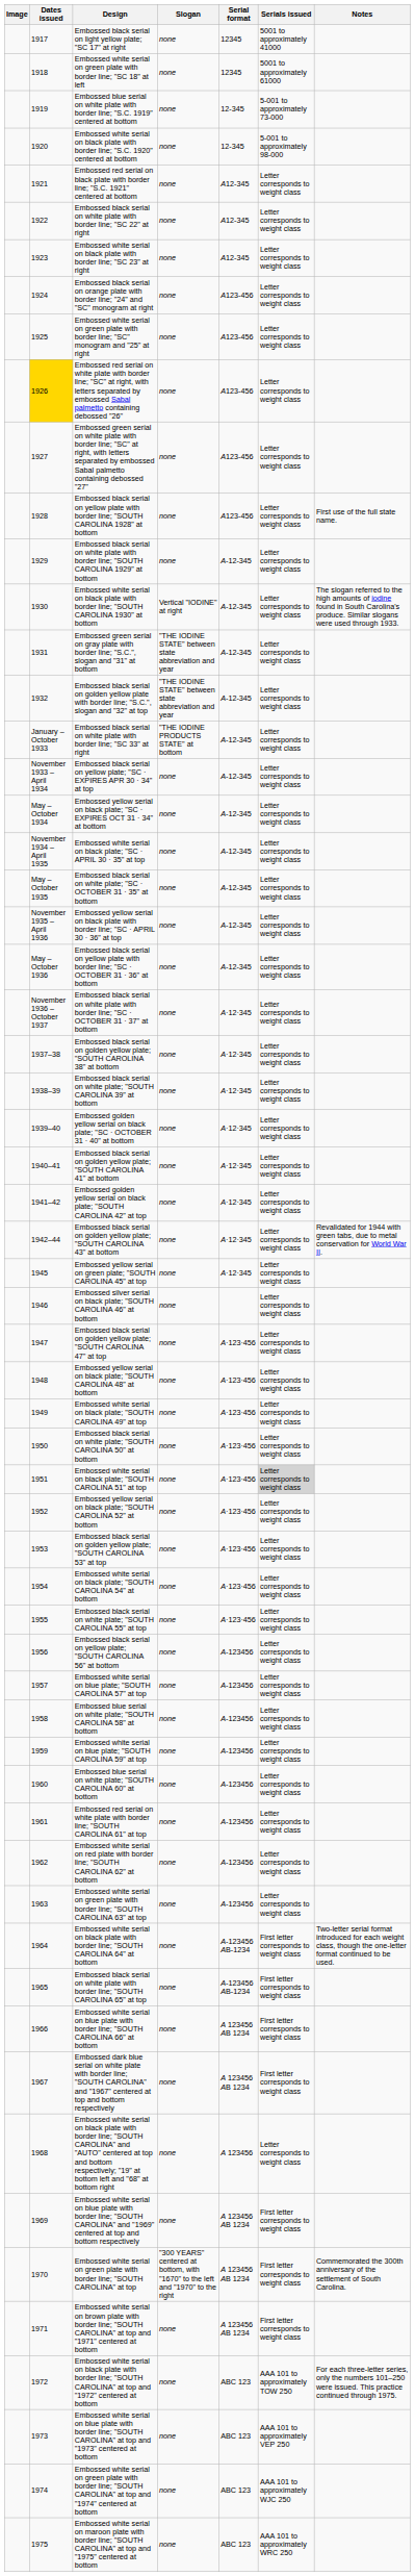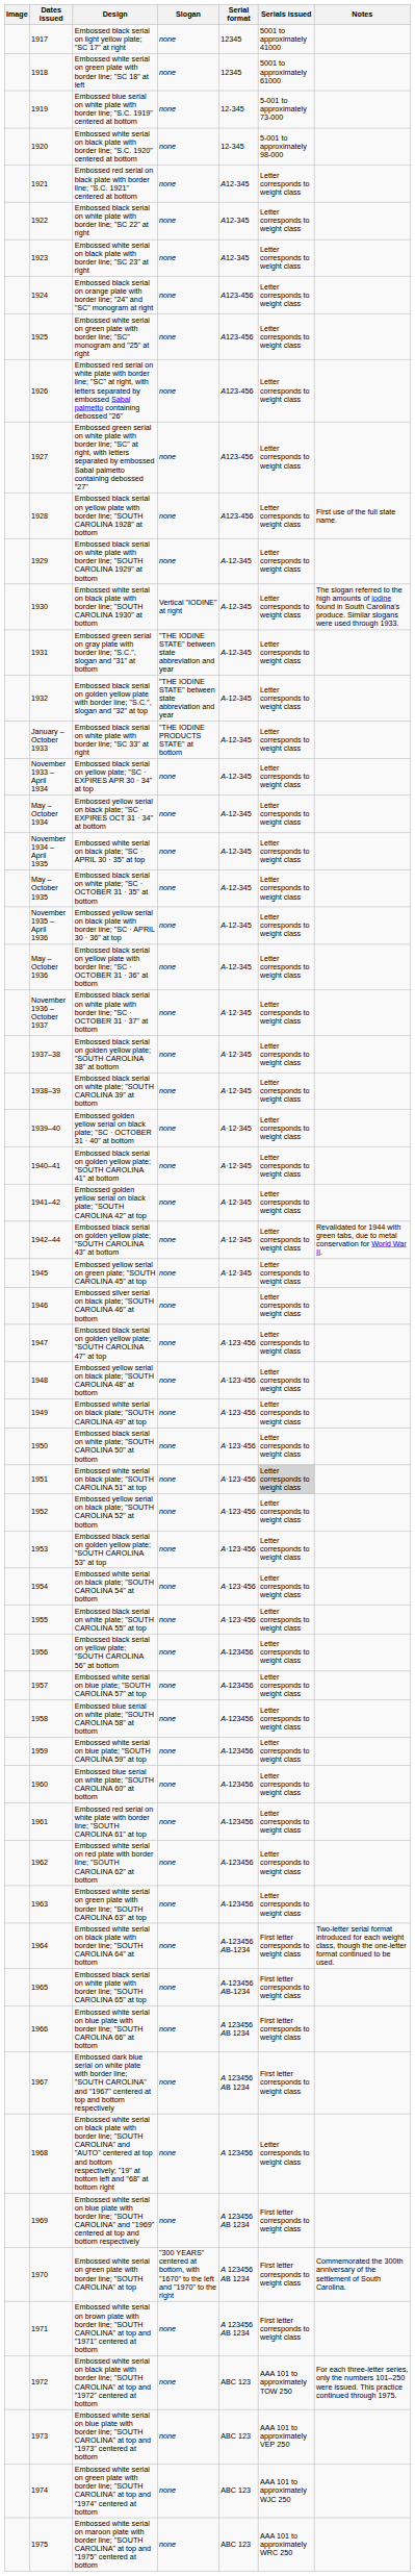 <table class="wikitable">
 <tr>
 <th>Image</th>
 <th>Dates issued</th>
 <th>Design</th>
 <th>Slogan</th>
 <th>Serial format</th>
 <th>Serials issued</th>
 <th>Notes</th>
 </tr>
 <tr>
 <td></td>
 <td>1917</td>
 <td>Embossed black serial on light yellow plate; "SC 17" at right</td>
 <td><em>none</em></td>
 <td>12345</td>
 <td>5001 to approximately 41000</td>
 <td></td>
 </tr>
 <tr>
 <td></td>
 <td>1918</td>
 <td>Embossed white serial on green plate with border line; "SC 18" at left</td>
 <td><em>none</em></td>
 <td>12345</td>
 <td>5001 to approximately 61000</td>
 <td></td>
 </tr>
 <tr>
 <td></td>
 <td>1919</td>
 <td>Embossed blue serial on white plate with border line; "S.C. 1919" centered at bottom</td>
 <td><em>none</em></td>
 <td>12-345</td>
 <td>5-001 to approximately 73-000</td>
 <td></td>
 </tr>
 <tr>
 <td></td>
 <td>1920</td>
 <td>Embossed white serial on black plate with border line; "S.C. 1920" centered at bottom</td>
 <td><em>none</em></td>
 <td>12-345</td>
 <td>5-001 to approximately 98-000</td>
 <td></td>
 </tr>
 <tr>
 <td></td>
 <td>1921</td>
 <td>Embossed red serial on black plate with border line; "S.C. 1921" centered at bottom</td>
 <td><em>none</em></td>
 <td><em>A</em>12-345</td>
 <td>Letter corresponds to weight class</td>
 <td></td>
 </tr>
 <tr>
 <td></td>
 <td>1922</td>
 <td>Embossed black serial on white plate with border line; "SC 22" at right</td>
 <td><em>none</em></td>
 <td><em>A</em>12-345</td>
 <td>Letter corresponds to weight class</td>
 <td></td>
 </tr>
 <tr>
 <td></td>
 <td>1923</td>
 <td>Embossed white serial on black plate with border line; "SC 23" at right</td>
 <td><em>none</em></td>
 <td><em>A</em>12-345</td>
 <td>Letter corresponds to weight class</td>
 <td></td>
 </tr>
 <tr>
 <td></td>
 <td>1924</td>
 <td>Embossed black serial on orange plate with border line; "24" and "SC" monogram at right</td>
 <td><em>none</em></td>
 <td><em>A</em>123-456</td>
 <td>Letter corresponds to weight class</td>
 <td></td>
 </tr>
 <tr>
 <td></td>
 <td>1925</td>
 <td>Embossed white serial on green plate with border line; "SC" monogram and "25" at right</td>
 <td><em>none</em></td>
 <td><em>A</em>123-456</td>
 <td>Letter corresponds to weight class</td>
 <td></td>
 </tr>
 <tr>
 <td></td>
-<td style="background: gold;">1926</td>
+<td>1926</td>
 <td>Embossed red serial on white plate with border line; "SC" at right, with letters separated by embossed <a href='#'>Sabal palmetto</a> containing debossed "26"</td>
 <td><em>none</em></td>
 <td><em>A</em>123-456</td>
 <td>Letter corresponds to weight class</td>
 <td></td>
 </tr>
 <tr>
 <td></td>
 <td>1927</td>
 <td>Embossed green serial on white plate with border line; "SC" at right, with letters separated by embossed Sabal palmetto containing debossed "27"</td>
 <td><em>none</em></td>
 <td><em>A</em>123-456</td>
 <td>Letter corresponds to weight class</td>
 <td></td>
 </tr>
 <tr>
 <td></td>
 <td>1928</td>
 <td>Embossed black serial on yellow plate with border line; "SOUTH CAROLINA 1928" at bottom</td>
 <td><em>none</em></td>
 <td><em>A</em>123-456</td>
 <td>Letter corresponds to weight class</td>
 <td>First use of the full state name.</td>
 </tr>
 <tr>
 <td></td>
 <td>1929</td>
 <td>Embossed black serial on white plate with border line; "SOUTH CAROLINA 1929" at bottom</td>
 <td><em>none</em></td>
 <td><em>A</em>-12-345</td>
 <td>Letter corresponds to weight class</td>
 <td></td>
 </tr>
 <tr>
 <td></td>
 <td>1930</td>
 <td>Embossed white serial on black plate with border line; "SOUTH CAROLINA 1930" at bottom</td>
 <td>Vertical "IODINE" at right</td>
 <td><em>A</em>-12-345</td>
 <td>Letter corresponds to weight class</td>
 <td>The slogan referred to the high amounts of <a href='#'>iodine</a> found in South Carolina's produce. Similar slogans were used through 1933.</td>
 </tr>
 <tr>
 <td></td>
 <td>1931</td>
 <td>Embossed green serial on gray plate with border line; "S.C.", slogan and "31" at bottom</td>
 <td>"THE IODINE STATE" between state abbreviation and year</td>
 <td><em>A</em>-12-345</td>
 <td>Letter corresponds to weight class</td>
 <td></td>
 </tr>
 <tr>
 <td></td>
 <td>1932</td>
 <td>Embossed black serial on golden yellow plate with border line; "S.C.", slogan and "32" at top</td>
 <td>"THE IODINE STATE" between state abbreviation and year</td>
 <td><em>A</em>-12-345</td>
 <td>Letter corresponds to weight class</td>
 <td></td>
 </tr>
 <tr>
 <td></td>
 <td>January – October 1933</td>
 <td>Embossed black serial on white plate with border line; "SC 33" at right</td>
 <td>"THE IODINE PRODUCTS STATE" at bottom</td>
 <td><em>A</em>-12-345</td>
 <td>Letter corresponds to weight class</td>
 <td></td>
 </tr>
 <tr>
 <td></td>
 <td>November 1933 –<br>April<br>1934</td>
 <td>Embossed black serial on yellow plate; "SC · EXPIRES APR 30 · 34" at top</td>
 <td><em>none</em></td>
 <td><em>A</em>-12-345</td>
 <td>Letter corresponds to weight class</td>
 <td></td>
 </tr>
 <tr>
 <td></td>
 <td>May – October 1934</td>
 <td>Embossed yellow serial on black plate; "SC · EXPIRES OCT 31 · 34" at bottom</td>
 <td><em>none</em></td>
 <td><em>A</em>-12-345</td>
 <td>Letter corresponds to weight class</td>
 <td></td>
 </tr>
 <tr>
 <td></td>
 <td>November 1934 –<br>April<br>1935</td>
 <td>Embossed white serial on black plate; "SC · APRIL 30 · 35" at top</td>
 <td><em>none</em></td>
 <td><em>A</em>-12-345</td>
 <td>Letter corresponds to weight class</td>
 <td></td>
 </tr>
 <tr>
 <td></td>
 <td>May – October 1935</td>
 <td>Embossed black serial on white plate; "SC · OCTOBER 31 · 35" at bottom</td>
 <td><em>none</em></td>
 <td><em>A</em>-12-345</td>
 <td>Letter corresponds to weight class</td>
 <td></td>
 </tr>
 <tr>
 <td></td>
 <td>November 1935 –<br>April<br>1936</td>
 <td>Embossed yellow serial on black plate with border line; "SC · APRIL 30 · 36" at top</td>
 <td><em>none</em></td>
 <td><em>A</em>-12-345</td>
 <td>Letter corresponds to weight class</td>
 <td></td>
 </tr>
 <tr>
 <td></td>
 <td>May – October 1936</td>
 <td>Embossed black serial on yellow plate with border line; "SC · OCTOBER 31 · 36" at bottom</td>
 <td><em>none</em></td>
 <td><em>A</em>-12-345</td>
 <td>Letter corresponds to weight class</td>
 <td></td>
 </tr>
 <tr>
 <td></td>
 <td>November 1936 – October 1937</td>
 <td>Embossed black serial on white plate with border line; "SC · OCTOBER 31 · 37" at bottom</td>
 <td><em>none</em></td>
 <td><em>A</em>·12·345</td>
 <td>Letter corresponds to weight class</td>
 <td></td>
 </tr>
 <tr>
 <td></td>
 <td>1937–38</td>
 <td>Embossed black serial on golden yellow plate; "SOUTH CAROLINA 38" at bottom</td>
 <td><em>none</em></td>
 <td><em>A</em>·12·345</td>
 <td>Letter corresponds to weight class</td>
 <td></td>
 </tr>
 <tr>
 <td></td>
 <td>1938–39</td>
 <td>Embossed black serial on white plate; "SOUTH CAROLINA 39" at bottom</td>
 <td><em>none</em></td>
 <td><em>A</em>·12·345</td>
 <td>Letter corresponds to weight class</td>
 <td></td>
 </tr>
 <tr>
 <td></td>
 <td>1939–40</td>
 <td>Embossed golden yellow serial on black plate; "SC · OCTOBER 31 · 40" at bottom</td>
 <td><em>none</em></td>
 <td><em>A</em>·12·345</td>
 <td>Letter corresponds to weight class</td>
 <td></td>
 </tr>
 <tr>
 <td></td>
 <td>1940–41</td>
 <td>Embossed black serial on golden yellow plate; "SOUTH CAROLINA 41" at bottom</td>
 <td><em>none</em></td>
 <td><em>A</em>·12·345</td>
 <td>Letter corresponds to weight class</td>
 <td></td>
 </tr>
 <tr>
 <td></td>
 <td>1941–42</td>
 <td>Embossed golden yellow serial on black plate; "SOUTH CAROLINA 42" at top</td>
 <td><em>none</em></td>
 <td><em>A</em>·12·345</td>
 <td>Letter corresponds to weight class</td>
 <td></td>
 </tr>
 <tr>
 <td></td>
 <td>1942–44</td>
 <td>Embossed black serial on golden yellow plate; "SOUTH CAROLINA 43" at bottom</td>
 <td><em>none</em></td>
 <td><em>A</em>·12·345</td>
 <td>Letter corresponds to weight class</td>
 <td>Revalidated for 1944 with green tabs, due to metal conservation for <a href='#'>World War II</a>.</td>
 </tr>
 <tr>
 <td></td>
 <td>1945</td>
 <td>Embossed yellow serial on green plate; "SOUTH CAROLINA 45" at top</td>
 <td><em>none</em></td>
 <td><em>A</em>·12·345</td>
 <td>Letter corresponds to weight class</td>
 <td></td>
 </tr>
 <tr>
 <td></td>
 <td>1946</td>
 <td>Embossed silver serial on black plate; "SOUTH CAROLINA 46" at bottom</td>
 <td><em>none</em></td>
 <td></td>
 <td>Letter corresponds to weight class</td>
 <td></td>
 </tr>
 <tr>
 <td></td>
 <td>1947</td>
 <td>Embossed black serial on golden yellow plate; "SOUTH CAROLINA 47" at top</td>
 <td><em>none</em></td>
 <td><em>A</em>·123·456</td>
 <td>Letter corresponds to weight class</td>
 <td></td>
 </tr>
 <tr>
 <td></td>
 <td>1948</td>
 <td>Embossed yellow serial on black plate; "SOUTH CAROLINA 48" at bottom</td>
 <td><em>none</em></td>
 <td><em>A</em>·123·456</td>
 <td>Letter corresponds to weight class</td>
 <td></td>
 </tr>
 <tr>
 <td></td>
 <td>1949</td>
 <td>Embossed white serial on black plate; "SOUTH CAROLINA 49" at top</td>
 <td><em>none</em></td>
 <td><em>A</em>·123·456</td>
 <td>Letter corresponds to weight class</td>
 <td></td>
 </tr>
 <tr>
 <td></td>
 <td>1950</td>
 <td>Embossed black serial on white plate; "SOUTH CAROLINA 50" at bottom</td>
 <td><em>none</em></td>
 <td><em>A</em>·123·456</td>
 <td>Letter corresponds to weight class</td>
 <td></td>
 </tr>
 <tr>
 <td></td>
 <td>1951</td>
 <td>Embossed white serial on black plate; "SOUTH CAROLINA 51" at top</td>
 <td><em>none</em></td>
 <td><em>A</em>·123·456</td>
 <td style="background: lightgrey;">Letter corresponds to weight class</td>
 <td></td>
 </tr>
 <tr>
 <td></td>
 <td>1952</td>
 <td>Embossed yellow serial on black plate; "SOUTH CAROLINA 52" at bottom</td>
 <td><em>none</em></td>
 <td><em>A</em>·123·456</td>
 <td>Letter corresponds to weight class</td>
 <td></td>
 </tr>
 <tr>
 <td></td>
 <td>1953</td>
 <td>Embossed black serial on golden yellow plate; "SOUTH CAROLINA 53" at top</td>
 <td><em>none</em></td>
 <td><em>A</em>·123·456</td>
 <td>Letter corresponds to weight class</td>
 <td></td>
 </tr>
 <tr>
 <td></td>
 <td>1954</td>
 <td>Embossed white serial on black plate; "SOUTH CAROLINA 54" at bottom</td>
 <td><em>none</em></td>
 <td><em>A</em>·123·456</td>
 <td>Letter corresponds to weight class</td>
 <td></td>
 </tr>
 <tr>
 <td></td>
 <td>1955</td>
 <td>Embossed black serial on white plate; "SOUTH CAROLINA 55" at top</td>
 <td><em>none</em></td>
 <td><em>A</em>·123·456</td>
 <td>Letter corresponds to weight class</td>
 <td></td>
 </tr>
 <tr>
 <td></td>
 <td>1956</td>
 <td>Embossed black serial on yellow plate; "SOUTH CAROLINA 56" at bottom</td>
 <td><em>none</em></td>
 <td><em>A</em>-123456</td>
 <td>Letter corresponds to weight class</td>
 <td></td>
 </tr>
 <tr>
 <td></td>
 <td>1957</td>
 <td>Embossed white serial on blue plate; "SOUTH CAROLINA 57" at top</td>
 <td><em>none</em></td>
 <td><em>A</em>-123456</td>
 <td>Letter corresponds to weight class</td>
 <td></td>
 </tr>
 <tr>
 <td></td>
 <td>1958</td>
 <td>Embossed blue serial on white plate; "SOUTH CAROLINA 58" at bottom</td>
 <td><em>none</em></td>
 <td><em>A</em>-123456</td>
 <td>Letter corresponds to weight class</td>
 <td></td>
 </tr>
 <tr>
 <td></td>
 <td>1959</td>
 <td>Embossed white serial on blue plate; "SOUTH CAROLINA 59" at top</td>
 <td><em>none</em></td>
 <td><em>A</em>-123456</td>
 <td>Letter corresponds to weight class</td>
 <td></td>
 </tr>
 <tr>
 <td></td>
 <td>1960</td>
 <td>Embossed blue serial on white plate; "SOUTH CAROLINA 60" at bottom</td>
 <td><em>none</em></td>
 <td><em>A</em>-123456</td>
 <td>Letter corresponds to weight class</td>
 <td></td>
 </tr>
 <tr>
 <td></td>
 <td>1961</td>
 <td>Embossed red serial on white plate with border line; "SOUTH CAROLINA 61" at top</td>
 <td><em>none</em></td>
 <td><em>A</em>-123456</td>
 <td>Letter corresponds to weight class</td>
 <td></td>
 </tr>
 <tr>
 <td></td>
 <td>1962</td>
 <td>Embossed white serial on red plate with border line; "SOUTH CAROLINA 62" at bottom</td>
 <td><em>none</em></td>
 <td><em>A</em>-123456</td>
 <td>Letter corresponds to weight class</td>
 <td></td>
 </tr>
 <tr>
 <td></td>
 <td>1963</td>
 <td>Embossed white serial on green plate with border line; "SOUTH CAROLINA 63" at top</td>
 <td><em>none</em></td>
 <td><em>A</em>-123456</td>
 <td>Letter corresponds to weight class</td>
 <td></td>
 </tr>
 <tr>
 <td></td>
 <td>1964</td>
 <td>Embossed white serial on black plate with border line; "SOUTH CAROLINA 64" at bottom</td>
 <td><em>none</em></td>
 <td><em>A</em>-123456<br><em>A</em>B-1234</td>
 <td>First letter corresponds to weight class</td>
 <td>Two-letter serial format introduced for each weight class, though the one-letter format continued to be used.</td>
 </tr>
 <tr>
 <td></td>
 <td>1965</td>
 <td>Embossed black serial on white plate with border line; "SOUTH CAROLINA 65" at top</td>
 <td><em>none</em></td>
 <td><em>A</em>-123456<br><em>A</em>B-1234</td>
 <td>First letter corresponds to weight class</td>
 <td></td>
 </tr>
 <tr>
 <td></td>
 <td>1966</td>
 <td>Embossed white serial on blue plate with border line; "SOUTH CAROLINA 66" at bottom</td>
 <td><em>none</em></td>
 <td><em>A</em> 123456<br><em>A</em>B 1234</td>
 <td>First letter corresponds to weight class</td>
 <td></td>
 </tr>
 <tr>
 <td></td>
 <td>1967</td>
 <td>Embossed dark blue serial on white plate with border line; "SOUTH CAROLINA" and "1967" centered at top and bottom respectively</td>
 <td><em>none</em></td>
 <td><em>A</em> 123456<br><em>A</em>B 1234</td>
 <td>First letter corresponds to weight class</td>
 <td></td>
 </tr>
 <tr>
 <td></td>
 <td>1968</td>
 <td>Embossed white serial on black plate with border line; "SOUTH CAROLINA" and "AUTO" centered at top and bottom respectively; "19" at bottom left and "68" at bottom right</td>
 <td><em>none</em></td>
 <td><em>A</em> 123456</td>
 <td>Letter corresponds to weight class</td>
 <td></td>
 </tr>
 <tr>
 <td></td>
 <td>1969</td>
 <td>Embossed white serial on blue plate with border line; "SOUTH CAROLINA" and "1969" centered at top and bottom respectively</td>
 <td><em>none</em></td>
 <td><em>A</em> 123456<br><em>A</em>B 1234</td>
 <td>First letter corresponds to weight class</td>
 <td></td>
 </tr>
 <tr>
 <td></td>
 <td>1970</td>
 <td>Embossed white serial on green plate with border line; "SOUTH CAROLINA" at top</td>
 <td>"300 YEARS" centered at bottom, with "1670" to the left and "1970" to the right</td>
 <td><em>A</em> 123456<br><em>A</em>B 1234</td>
 <td>First letter corresponds to weight class</td>
 <td>Commemorated the 300th anniversary of the settlement of South Carolina.</td>
 </tr>
 <tr>
 <td></td>
 <td>1971</td>
 <td>Embossed white serial on brown plate with border line; "SOUTH CAROLINA" at top and "1971" centered at bottom</td>
 <td><em>none</em></td>
 <td><em>A</em> 123456<br><em>A</em>B 1234</td>
 <td>First letter corresponds to weight class</td>
 <td></td>
 </tr>
 <tr>
 <td></td>
 <td>1972</td>
 <td>Embossed white serial on black plate with border line; "SOUTH CAROLINA" at top and "1972" centered at bottom</td>
 <td><em>none</em></td>
 <td>ABC 123</td>
 <td>AAA 101 to approximately TOW 250</td>
 <td>For each three-letter series, only the numbers 101–250 were issued. This practice continued through 1975.</td>
 </tr>
 <tr>
 <td></td>
 <td>1973</td>
 <td>Embossed white serial on blue plate with border line; "SOUTH CAROLINA" at top and "1973" centered at bottom</td>
 <td><em>none</em></td>
 <td>ABC 123</td>
 <td>AAA 101 to approximately VEP 250</td>
 <td></td>
 </tr>
 <tr>
 <td></td>
 <td>1974</td>
 <td>Embossed white serial on green plate with border line; "SOUTH CAROLINA" at top and "1974" centered at bottom</td>
 <td><em>none</em></td>
 <td>ABC 123</td>
 <td>AAA 101 to approximately WJC 250</td>
 <td></td>
 </tr>
 <tr>
 <td></td>
 <td>1975</td>
 <td>Embossed white serial on maroon plate with border line; "SOUTH CAROLINA" at top and "1975" centered at bottom</td>
 <td><em>none</em></td>
 <td>ABC 123</td>
 <td>AAA 101 to approximately WRC 250</td>
 <td></td>
 </tr>
 </table>
